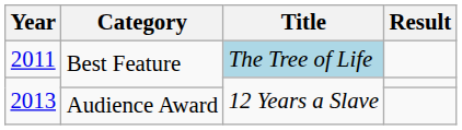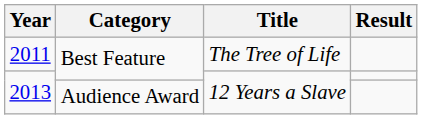 <table class="wikitable" style="font-size: 100%">
 <tr>
 <th>Year</th>
 <th>Category</th>
 <th>Title</th>
 <th>Result</th>
 </tr>
 <tr>
 <td style="text-align:center;"><a href='#'>2011</a></td>
 <td rowspan="2">Best Feature</td>
-<td style="background: lightblue;"><em>The Tree of Life</em></td>
+<td><em>The Tree of Life</em></td>
 <td></td>
 </tr>
 <tr>
 <td style="text-align:center;" rowspan="2"><a href='#'>2013</a></td>
 <td rowspan="2"><em>12 Years a Slave</em></td>
 <td></td>
 </tr>
 <tr>
 <td>Audience Award</td>
 <td></td>
 </tr>
 </table>
